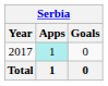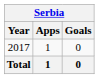 <table class="wikitable" style="text-align:center">
 <tr>
 <th colspan=3><a href='#'>Serbia</a></th>
 </tr>
 <tr>
 <th>Year</th>
 <th>Apps</th>
 <th>Goals</th>
 </tr>
 <tr>
 <td>2017</td>
-<td style="background: paleturquoise;">1</td>
+<td>1</td>
 <td>0</td>
 </tr>
 <tr>
 <th>Total</th>
 <th>1</th>
 <th>0</th>
 </tr>
 </table>
